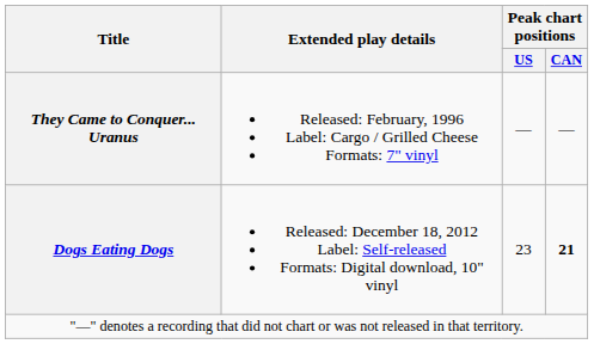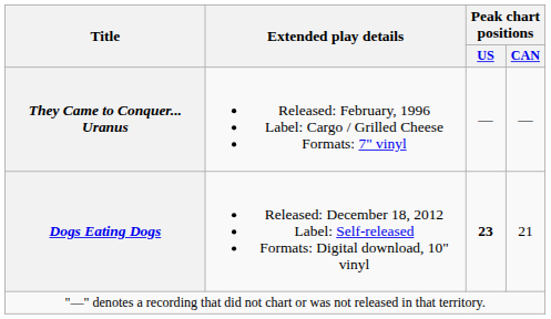 <table class="wikitable plainrowheaders" style="text-align:center;">
 <tr>
 <th scope="col" rowspan="2" style="width:13em;">Title</th>
 <th scope="col" rowspan="2" style="width:17em;">Extended play details</th>
 <th scope="col" colspan="2">Peak chart positions</th>
 </tr>
 <tr>
 <th scope="col" style="width:2.5em;font-size:90%;"><a href='#'>US</a><br></th>
 <th scope="col" style="width:2.5em;font-size:90%;"><a href='#'>CAN</a><br></th>
 </tr>
 <tr>
 <th scope="row"><em>They Came to Conquer... Uranus</em></th>
 <td><br><ul><li>Released: February, 1996</li><li>Label: Cargo / Grilled Cheese</li><li>Formats: <a href='#'>7" vinyl</a></li></ul></td>
 <td>—</td>
 <td>—</td>
 </tr>
 <tr>
 <th scope="row"><em><a href='#'>Dogs Eating Dogs</a></em></th>
 <td><br><ul><li>Released: December 18, 2012</li><li>Label: <a href='#'>Self-released</a></li><li>Formats: Digital download, 10" vinyl</li></ul></td>
-<td>23</td>
-<td><strong>21</strong></td>
+<td><strong>23</strong></td>
+<td>21</td>
 </tr>
 <tr>
 <td colspan="14" style="font-size:90%">"—" denotes a recording that did not chart or was not released in that territory.</td>
 </tr>
 </table>
